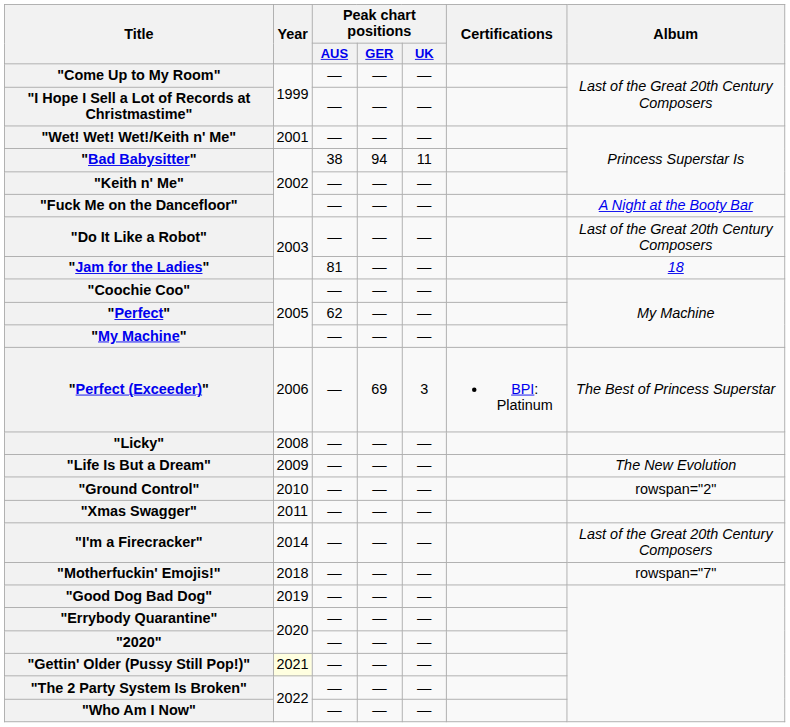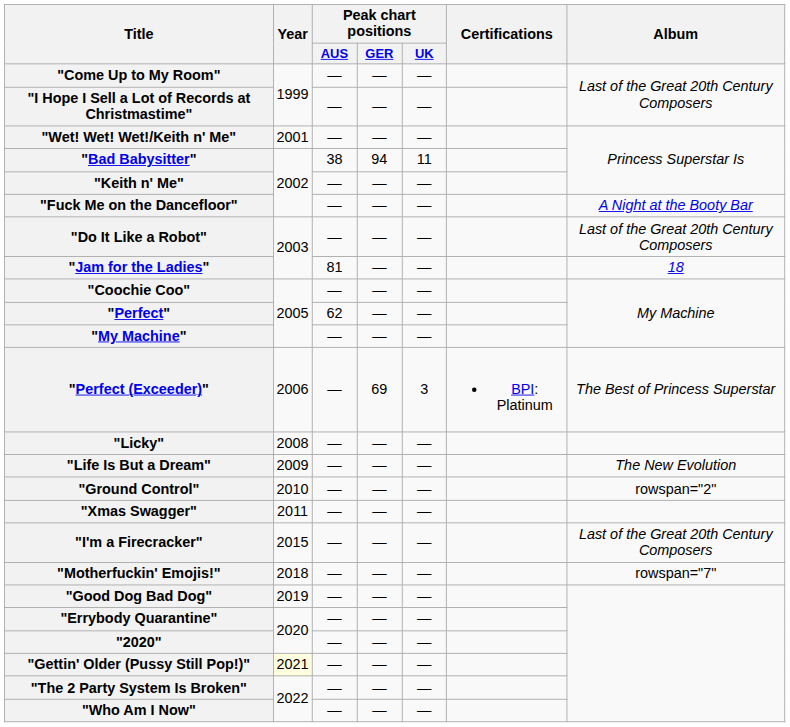 <table class="wikitable plainrowheaders" style="text-align:center;">
 <tr>
 <th scope="col" rowspan="2">Title</th>
 <th scope="col" rowspan="2">Year</th>
 <th scope="col" colspan="3">Peak chart positions</th>
 <th scope="col" rowspan="2">Certifications</th>
 <th scope="col" rowspan="2">Album</th>
 </tr>
 <tr>
 <th scope="col" style="width:3em;font-size:90%;"><a href='#'>AUS</a><br></th>
 <th scope="col" style="width:3em;font-size:90%;"><a href='#'>GER</a><br></th>
 <th scope="col" style="width:3em;font-size:90%;"><a href='#'>UK</a><br></th>
 </tr>
 <tr>
 <th scope="row">"Come Up to My Room"</th>
 <td rowspan="2">1999</td>
 <td>—</td>
 <td>—</td>
 <td>—</td>
 <td></td>
 <td rowspan="2"><em>Last of the Great 20th Century Composers</em></td>
 </tr>
 <tr>
 <th scope="row">"I Hope I Sell a Lot of Records at Christmastime"</th>
 <td>—</td>
 <td>—</td>
 <td>—</td>
 <td></td>
 </tr>
 <tr>
 <th scope="row">"Wet! Wet! Wet!/Keith n' Me"</th>
 <td>2001</td>
 <td>—</td>
 <td>—</td>
 <td>—</td>
 <td></td>
 <td rowspan="3"><em>Princess Superstar Is</em></td>
 </tr>
 <tr>
 <th scope="row">"<a href='#'>Bad Babysitter</a>"</th>
 <td rowspan="3">2002</td>
 <td>38</td>
 <td>94</td>
 <td>11</td>
 <td></td>
 </tr>
 <tr>
 <th scope="row">"Keith n' Me"<br></th>
 <td>—</td>
 <td>—</td>
 <td>—</td>
 <td></td>
 </tr>
 <tr>
 <th scope="row">"Fuck Me on the Dancefloor"<br></th>
 <td>—</td>
 <td>—</td>
 <td>—</td>
 <td></td>
 <td><em><a href='#'>A Night at the Booty Bar</a></em></td>
 </tr>
 <tr>
 <th scope="row">"Do It Like a Robot"</th>
 <td rowspan="2">2003</td>
 <td>—</td>
 <td>—</td>
 <td>—</td>
 <td></td>
 <td><em>Last of the Great 20th Century Composers</em></td>
 </tr>
 <tr>
 <th scope="row">"<a href='#'>Jam for the Ladies</a>"<br></th>
 <td>81</td>
 <td>—</td>
 <td>—</td>
 <td></td>
 <td><em><a href='#'>18</a></em></td>
 </tr>
 <tr>
 <th scope="row">"Coochie Coo"</th>
 <td rowspan="3">2005</td>
 <td>—</td>
 <td>—</td>
 <td>—</td>
 <td></td>
 <td rowspan="3"><em>My Machine</em></td>
 </tr>
 <tr>
 <th scope="row">"<a href='#'>Perfect</a>"</th>
 <td>62</td>
 <td>—</td>
 <td>—</td>
 <td></td>
 </tr>
 <tr>
 <th scope="row">"<a href='#'>My Machine</a>"</th>
 <td>—</td>
 <td>—</td>
 <td>—</td>
 <td></td>
 </tr>
 <tr>
 <th scope="row">"<a href='#'>Perfect (Exceeder)</a>"<br></th>
 <td>2006</td>
 <td>—</td>
 <td>69</td>
 <td>3</td>
 <td><br><ul><li><a href='#'>BPI</a>: Platinum</li></ul></td>
 <td><em>The Best of Princess Superstar</em></td>
 </tr>
 <tr>
 <th scope="row">"Licky"<br></th>
 <td>2008</td>
 <td>—</td>
 <td>—</td>
 <td>—</td>
 <td></td>
 <td></td>
 </tr>
 <tr>
 <th scope="row">"Life Is But a Dream"</th>
 <td>2009</td>
 <td>—</td>
 <td>—</td>
 <td>—</td>
 <td></td>
 <td><em>The New Evolution</em></td>
 </tr>
 <tr>
 <th scope="row">"Ground Control"</th>
 <td>2010</td>
 <td>—</td>
 <td>—</td>
 <td>—</td>
 <td></td>
 <td>rowspan="2" </td>
 </tr>
 <tr>
 <th scope="row">"Xmas Swagger"</th>
 <td>2011</td>
 <td>—</td>
 <td>—</td>
 <td>—</td>
 <td></td>
 </tr>
 <tr>
 <th scope="row">"I'm a Firecracker"</th>
-<td>2014</td>
+<td>2015</td>
 <td>—</td>
 <td>—</td>
 <td>—</td>
 <td></td>
 <td><em>Last of the Great 20th Century Composers</em></td>
 </tr>
 <tr>
 <th scope="row">"Motherfuckin' Emojis!"<br></th>
 <td>2018</td>
 <td>—</td>
 <td>—</td>
 <td>—</td>
 <td></td>
 <td>rowspan="7" </td>
 </tr>
 <tr>
 <th scope="row">"Good Dog Bad Dog"</th>
 <td>2019</td>
 <td>—</td>
 <td>—</td>
 <td>—</td>
 <td></td>
 </tr>
 <tr>
 <th scope="row">"Errybody Quarantine"</th>
 <td rowspan="2">2020</td>
 <td>—</td>
 <td>—</td>
 <td>—</td>
 <td></td>
 </tr>
 <tr>
 <th scope="row">"2020"</th>
 <td>—</td>
 <td>—</td>
 <td>—</td>
 <td></td>
 </tr>
 <tr>
 <th scope="row">"Gettin' Older (Pussy Still Pop!)"</th>
 <td style="background: lightyellow;">2021</td>
 <td>—</td>
 <td>—</td>
 <td>—</td>
 <td></td>
 </tr>
 <tr>
 <th scope="row">"The 2 Party System Is Broken"</th>
 <td rowspan="2">2022</td>
 <td>—</td>
 <td>—</td>
 <td>—</td>
 <td></td>
 </tr>
 <tr>
 <th scope="row">"Who Am I Now"<br></th>
 <td>—</td>
 <td>—</td>
 <td>—</td>
 <td></td>
 </tr>
 </table>
